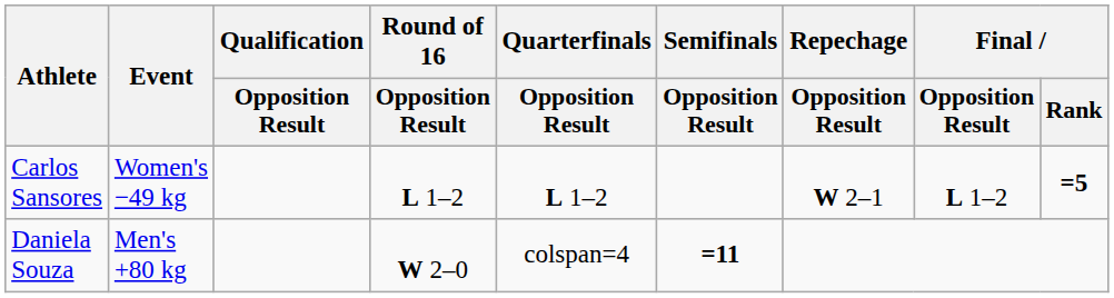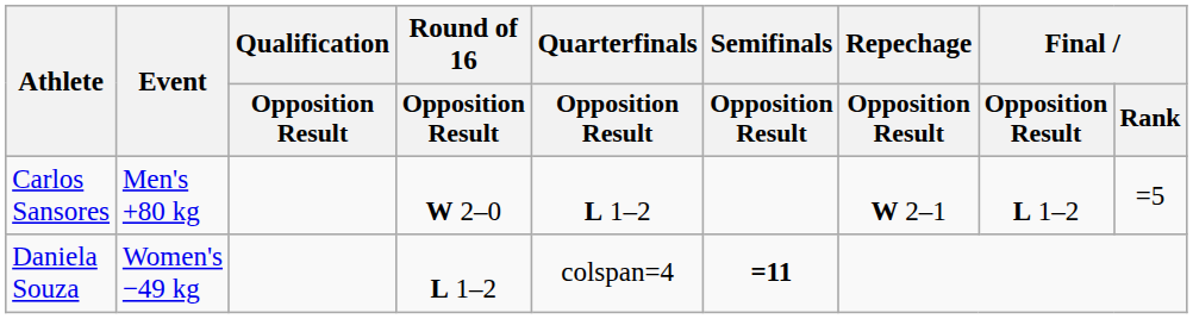 <table class=wikitable style=font-size:90%;text-align:center>
 <tr>
 <th rowspan=2>Athlete</th>
 <th rowspan=2>Event</th>
 <th>Qualification</th>
 <th>Round of 16</th>
 <th>Quarterfinals</th>
 <th>Semifinals</th>
 <th>Repechage</th>
 <th colspan=2>Final / </th>
 </tr>
 <tr style=font-size:95%>
 <th>Opposition<br>Result</th>
 <th>Opposition<br>Result</th>
 <th>Opposition<br>Result</th>
 <th>Opposition<br>Result</th>
 <th>Opposition<br>Result</th>
 <th>Opposition<br>Result</th>
 <th>Rank</th>
 </tr>
 <tr>
 <td align=left><a href='#'>Carlos Sansores</a></td>
-<td align=left><a href='#'>Women's −49 kg</a></td>
+<td align=left><a href='#'>Men's +80 kg</a></td>
 <td></td>
-<td><br><strong>L</strong> 1–2</td>
+<td><br><strong>W</strong> 2–0</td>
 <td><br><strong>L</strong> 1–2</td>
 <td></td>
 <td><br><strong>W</strong> 2–1</td>
 <td><br><strong>L</strong> 1–2</td>
-<td><strong>=5</strong></td>
+<td>=5</td>
 </tr>
 <tr>
 <td align=left><a href='#'>Daniela Souza</a></td>
-<td align=left><a href='#'>Men's +80 kg</a></td>
+<td align=left><a href='#'>Women's −49 kg</a></td>
 <td></td>
-<td><br><strong>W</strong> 2–0</td>
+<td><br><strong>L</strong> 1–2</td>
 <td>colspan=4</td>
 <td><strong>=11</strong></td>
 </tr>
 </table>
